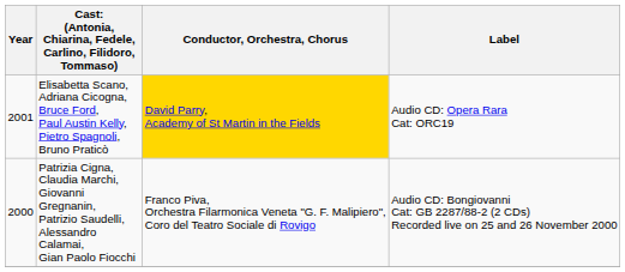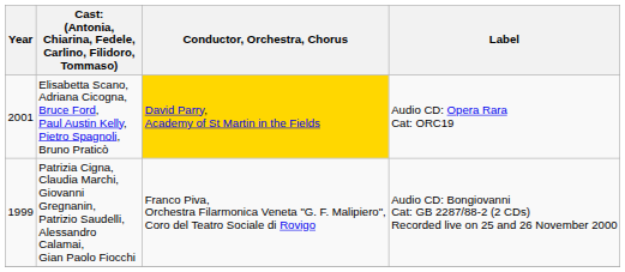 <table class="wikitable">
 <tr>
 <th>Year</th>
 <th Width="140">Cast:<br>(Antonia, Chiarina, Fedele, Carlino, Filidoro, Tommaso)</th>
 <th>Conductor, Orchestra, Chorus</th>
 <th>Label</th>
 </tr>
 <tr>
 <td>2001</td>
 <td>Elisabetta Scano,<br>Adriana Cicogna,<br><a href='#'>Bruce Ford</a>,<br><a href='#'>Paul Austin Kelly</a>,<br><a href='#'>Pietro Spagnoli</a>,<br>Bruno Praticò</td>
 <td style="background: gold;"><a href='#'>David Parry</a>,<br><a href='#'>Academy of St Martin in the Fields</a></td>
 <td>Audio CD: <a href='#'>Opera Rara</a><br>Cat: ORC19</td>
 </tr>
 <tr>
-<td>2000</td>
+<td>1999</td>
 <td>Patrizia Cigna,<br>Claudia Marchi,<br>Giovanni Gregnanin,<br>Patrizio Saudelli,<br>Alessandro Calamai,<br>Gian Paolo Fiocchi</td>
 <td>Franco Piva,<br>Orchestra Filarmonica Veneta "G. F. Malipiero",<br>Coro del Teatro Sociale di <a href='#'>Rovigo</a></td>
 <td>Audio CD: Bongiovanni<br>Cat: GB 2287/88-2 (2 CDs)<br>Recorded live on 25 and 26 November 2000</td>
 </tr>
 <tr>
 </tr>
 </table>
